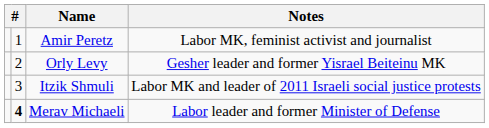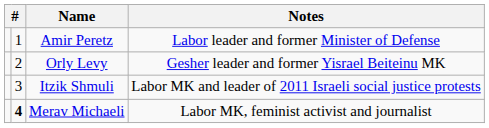 <table class="wikitable" style="text-align: center;">
 <tr>
 <th colspan="2">#</th>
 <th>Name</th>
 <th>Notes</th>
 </tr>
 <tr>
 <td style="background: "></td>
 <td>1</td>
 <td><a href='#'>Amir Peretz</a></td>
-<td>Labor MK, feminist activist and journalist</td>
+<td><a href='#'>Labor</a> leader and former <a href='#'>Minister of Defense</a></td>
 </tr>
 <tr>
 <td style="background: "></td>
 <td>2</td>
 <td><a href='#'>Orly Levy</a></td>
 <td><a href='#'>Gesher</a> leader and former <a href='#'>Yisrael Beiteinu</a> MK</td>
 </tr>
 <tr>
 <td style="background: "></td>
 <td>3</td>
 <td><a href='#'>Itzik Shmuli</a></td>
 <td>Labor MK and leader of <a href='#'>2011 Israeli social justice protests</a></td>
 </tr>
 <tr>
 <td style="background: "></td>
 <td><strong>4</strong></td>
 <td><a href='#'>Merav Michaeli</a></td>
-<td><a href='#'>Labor</a> leader and former <a href='#'>Minister of Defense</a></td>
+<td>Labor MK, feminist activist and journalist</td>
 </tr>
 </table>
